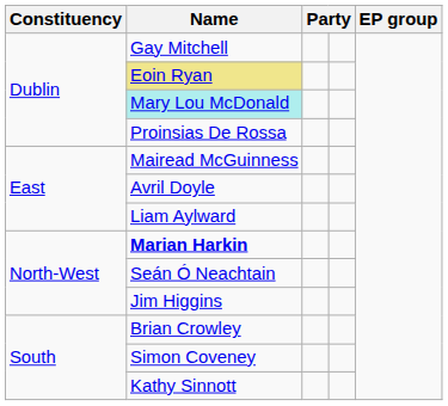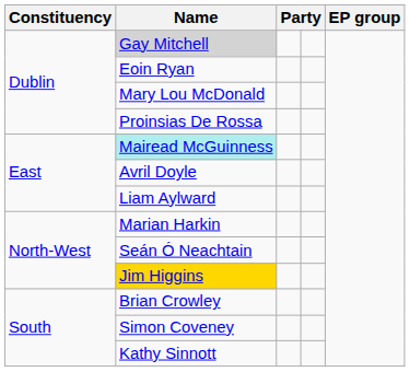 <table class=wikitable>
 <tr>
 <th>Constituency</th>
 <th>Name</th>
 <th colspan=2>Party</th>
 <th colspan=2>EP group</th>
 </tr>
 <tr>
 <td rowspan=4><a href='#'>Dublin</a></td>
-<td><a href='#'>Gay Mitchell</a></td>
+<td style="background: lightgrey;"><a href='#'>Gay Mitchell</a></td>
 <td></td>
 <td></td>
 </tr>
 <tr>
-<td style="background: khaki;"><a href='#'>Eoin Ryan</a></td>
+<td><a href='#'>Eoin Ryan</a></td>
 <td></td>
 <td></td>
 </tr>
 <tr>
-<td style="background: paleturquoise;"><a href='#'>Mary Lou McDonald</a></td>
+<td><a href='#'>Mary Lou McDonald</a></td>
 <td></td>
 <td></td>
 </tr>
 <tr>
 <td><a href='#'>Proinsias De Rossa</a></td>
 <td></td>
 <td></td>
 </tr>
 <tr>
 <td rowspan=3><a href='#'>East</a></td>
-<td><a href='#'>Mairead McGuinness</a></td>
+<td style="background: paleturquoise;"><a href='#'>Mairead McGuinness</a></td>
 <td></td>
 <td></td>
 </tr>
 <tr>
 <td><a href='#'>Avril Doyle</a></td>
 <td></td>
 <td></td>
 </tr>
 <tr>
 <td><a href='#'>Liam Aylward</a></td>
 <td></td>
 <td></td>
 </tr>
 <tr>
 <td rowspan=3><a href='#'>North-West</a></td>
-<td><strong><a href='#'>Marian Harkin</a></strong></td>
+<td><a href='#'>Marian Harkin</a></td>
 <td></td>
 <td></td>
 </tr>
 <tr>
 <td><a href='#'>Seán Ó Neachtain</a></td>
 <td></td>
 <td></td>
 </tr>
 <tr>
-<td><a href='#'>Jim Higgins</a></td>
+<td style="background: gold;"><a href='#'>Jim Higgins</a></td>
 <td></td>
 <td></td>
 </tr>
 <tr>
 <td rowspan=3><a href='#'>South</a></td>
 <td><a href='#'>Brian Crowley</a></td>
 <td></td>
 <td></td>
 </tr>
 <tr>
 <td><a href='#'>Simon Coveney</a></td>
 <td></td>
 <td></td>
 </tr>
 <tr>
 <td><a href='#'>Kathy Sinnott</a></td>
 <td></td>
 <td></td>
 </tr>
 </table>
